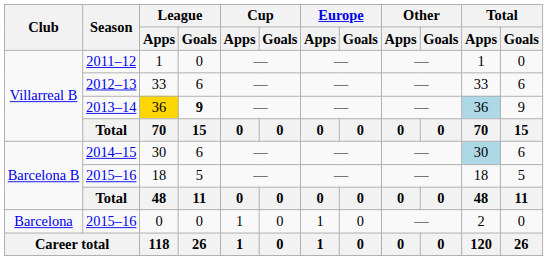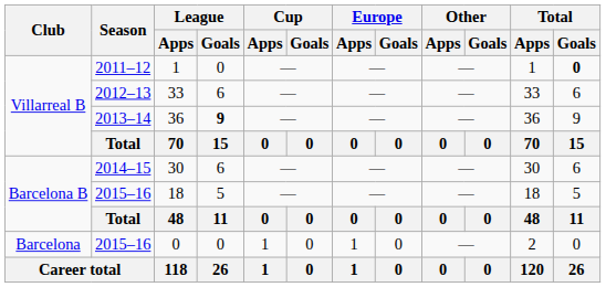 <table class="wikitable" style="text-align:center">
 <tr>
 <th rowspan="2">Club</th>
 <th rowspan="2">Season</th>
 <th colspan="2">League</th>
 <th colspan="2">Cup</th>
 <th colspan="2"><a href='#'>Europe</a></th>
 <th colspan="2">Other</th>
 <th colspan="2">Total</th>
 </tr>
 <tr>
 <th>Apps</th>
 <th>Goals</th>
 <th>Apps</th>
 <th>Goals</th>
 <th>Apps</th>
 <th>Goals</th>
 <th>Apps</th>
 <th>Goals</th>
 <th>Apps</th>
 <th>Goals</th>
 </tr>
 <tr>
 <td rowspan="4"><a href='#'>Villarreal B</a></td>
 <td><a href='#'>2011–12</a></td>
 <td>1</td>
 <td>0</td>
 <td colspan="2">—</td>
 <td colspan="2">—</td>
 <td colspan="2">—</td>
 <td>1</td>
-<td>0</td>
+<td><strong>0</strong></td>
 </tr>
 <tr>
 <td><a href='#'>2012–13</a></td>
 <td>33</td>
 <td>6</td>
 <td colspan="2">—</td>
 <td colspan="2">—</td>
 <td colspan="2">—</td>
 <td>33</td>
 <td>6</td>
 </tr>
 <tr>
 <td><a href='#'>2013–14</a></td>
-<td style="background: gold;">36</td>
+<td>36</td>
 <td><strong>9</strong></td>
 <td colspan="2">—</td>
 <td colspan="2">—</td>
 <td colspan="2">—</td>
-<td style="background: lightblue;">36</td>
+<td>36</td>
 <td>9</td>
 </tr>
 <tr>
 <th>Total</th>
 <th>70</th>
 <th>15</th>
 <th>0</th>
 <th>0</th>
 <th>0</th>
 <th>0</th>
 <th>0</th>
 <th>0</th>
 <th>70</th>
 <th>15</th>
 </tr>
 <tr>
 <td rowspan="3"><a href='#'>Barcelona B</a></td>
 <td><a href='#'>2014–15</a></td>
 <td>30</td>
 <td>6</td>
 <td colspan="2">—</td>
 <td colspan="2">—</td>
 <td colspan="2">—</td>
-<td style="background: lightblue;">30</td>
+<td>30</td>
 <td>6</td>
 </tr>
 <tr>
 <td><a href='#'>2015–16</a></td>
 <td>18</td>
 <td>5</td>
 <td colspan="2">—</td>
 <td colspan="2">—</td>
 <td colspan="2">—</td>
 <td>18</td>
 <td>5</td>
 </tr>
 <tr>
 <th>Total</th>
 <th>48</th>
 <th>11</th>
 <th>0</th>
 <th>0</th>
 <th>0</th>
 <th>0</th>
 <th>0</th>
 <th>0</th>
 <th>48</th>
 <th>11</th>
 </tr>
 <tr>
 <td><a href='#'>Barcelona</a></td>
 <td><a href='#'>2015–16</a></td>
 <td>0</td>
 <td>0</td>
 <td>1</td>
 <td>0</td>
 <td>1</td>
 <td>0</td>
 <td colspan="2">—</td>
 <td>2</td>
 <td>0</td>
 </tr>
 <tr>
 <th colspan="2">Career total</th>
 <th>118</th>
 <th>26</th>
 <th>1</th>
 <th>0</th>
 <th>1</th>
 <th>0</th>
 <th>0</th>
 <th>0</th>
 <th>120</th>
 <th>26</th>
 </tr>
 </table>
